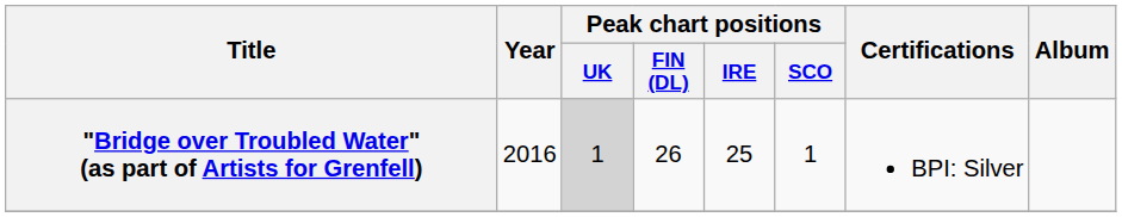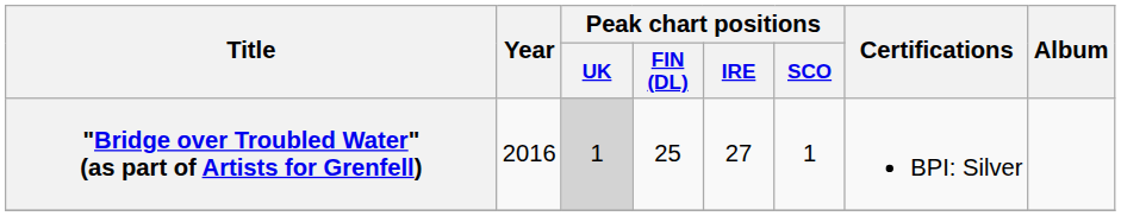 <table class="wikitable plainrowheaders" style="text-align:center;">
 <tr>
 <th scope="col" rowspan="2" style="width:20em;">Title</th>
 <th scope="col" rowspan="2" style="width:1em;">Year</th>
 <th scope="col" colspan="4">Peak chart positions</th>
 <th scope="col" rowspan="2">Certifications</th>
 <th scope="col" rowspan="2">Album</th>
 </tr>
 <tr>
 <th scope="col" style="width:3em;font-size:85%;"><a href='#'>UK</a><br></th>
 <th scope="col" style="width:3em;font-size:85%;"><a href='#'>FIN (DL)</a><br></th>
 <th scope="col" style="width:3em;font-size:85%;"><a href='#'>IRE</a><br></th>
 <th scope="col" style="width:3em;font-size:85%;"><a href='#'>SCO</a><br></th>
 </tr>
 <tr>
 <th scope="row">"<a href='#'>Bridge over Troubled Water</a>"<br><span>(as part of <a href='#'>Artists for Grenfell</a>)</span></th>
 <td>2016</td>
 <td style="background: lightgrey;">1</td>
-<td>26</td>
 <td>25</td>
+<td>27</td>
 <td>1</td>
 <td><br><ul><li>BPI: Silver</li></ul></td>
 <td></td>
 </tr>
 <tr>
 </tr>
 </table>
